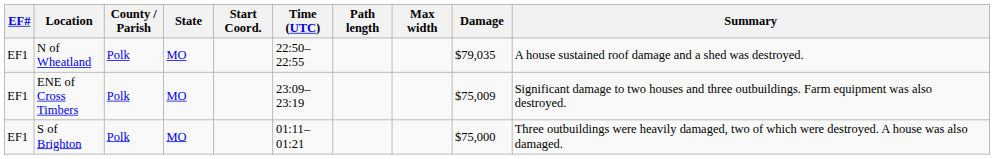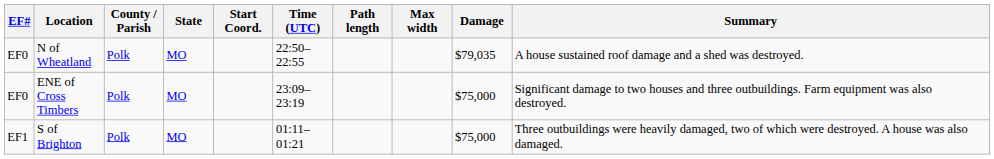 <table class="wikitable sortable" style="width:100%;">
 <tr>
 <th scope="col" width="3%" align="center"><a href='#'>EF#</a></th>
 <th scope="col" width="7%" align="center" class="unsortable">Location</th>
 <th scope="col" width="6%" align="center" class="unsortable">County / Parish</th>
 <th scope="col" width="5%" align="center">State</th>
 <th scope="col" width="6%" align="center">Start Coord.</th>
 <th scope="col" width="6%" align="center">Time (<a href='#'>UTC</a>)</th>
 <th scope="col" width="6%" align="center">Path length</th>
 <th scope="col" width="6%" align="center">Max width</th>
 <th scope="col" width="6%" align="center">Damage</th>
 <th scope="col" width="48%" class="unsortable" align="center">Summary</th>
 </tr>
 <tr>
-<td>EF1</td>
+<td>EF0</td>
 <td>N of <a href='#'>Wheatland</a></td>
 <td><a href='#'>Polk</a></td>
 <td><a href='#'>MO</a></td>
 <td></td>
 <td>22:50–22:55</td>
 <td></td>
 <td></td>
 <td>$79,035</td>
 <td>A house sustained roof damage and a shed was destroyed.</td>
 </tr>
 <tr>
-<td>EF1</td>
+<td>EF0</td>
 <td>ENE of <a href='#'>Cross Timbers</a></td>
 <td><a href='#'>Polk</a></td>
 <td><a href='#'>MO</a></td>
 <td></td>
 <td>23:09–23:19</td>
 <td></td>
 <td></td>
-<td>$75,009</td>
+<td>$75,000</td>
 <td>Significant damage to two houses and three outbuildings. Farm equipment was also destroyed.</td>
 </tr>
 <tr>
 <td>EF1</td>
 <td>S of <a href='#'>Brighton</a></td>
 <td><a href='#'>Polk</a></td>
 <td><a href='#'>MO</a></td>
 <td></td>
 <td>01:11–01:21</td>
 <td></td>
 <td></td>
 <td>$75,000</td>
 <td>Three outbuildings were heavily damaged, two of which were destroyed. A house was also damaged.</td>
 </tr>
 </table>
